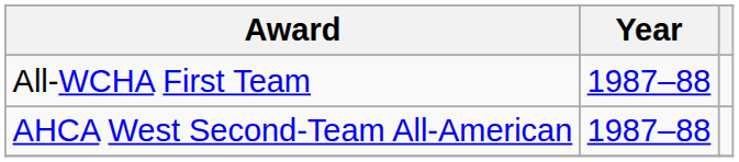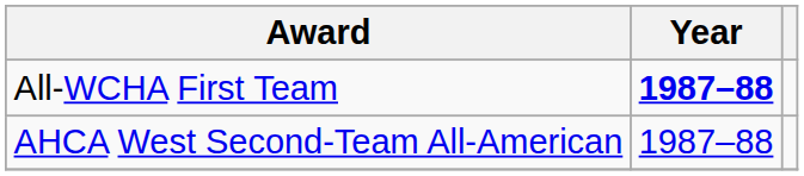 <table class="wikitable">
 <tr>
 <th>Award</th>
 <th>Year</th>
 <th></th>
 </tr>
 <tr>
 <td>All-<a href='#'>WCHA</a> <a href='#'>First Team</a></td>
-<td><a href='#'>1987–88</a></td>
+<td><strong><a href='#'>1987–88</a></strong></td>
 <td></td>
 </tr>
 <tr>
 <td><a href='#'>AHCA</a> <a href='#'>West Second-Team All-American</a></td>
 <td><a href='#'>1987–88</a></td>
 <td></td>
 </tr>
 <tr>
 </tr>
 </table>
